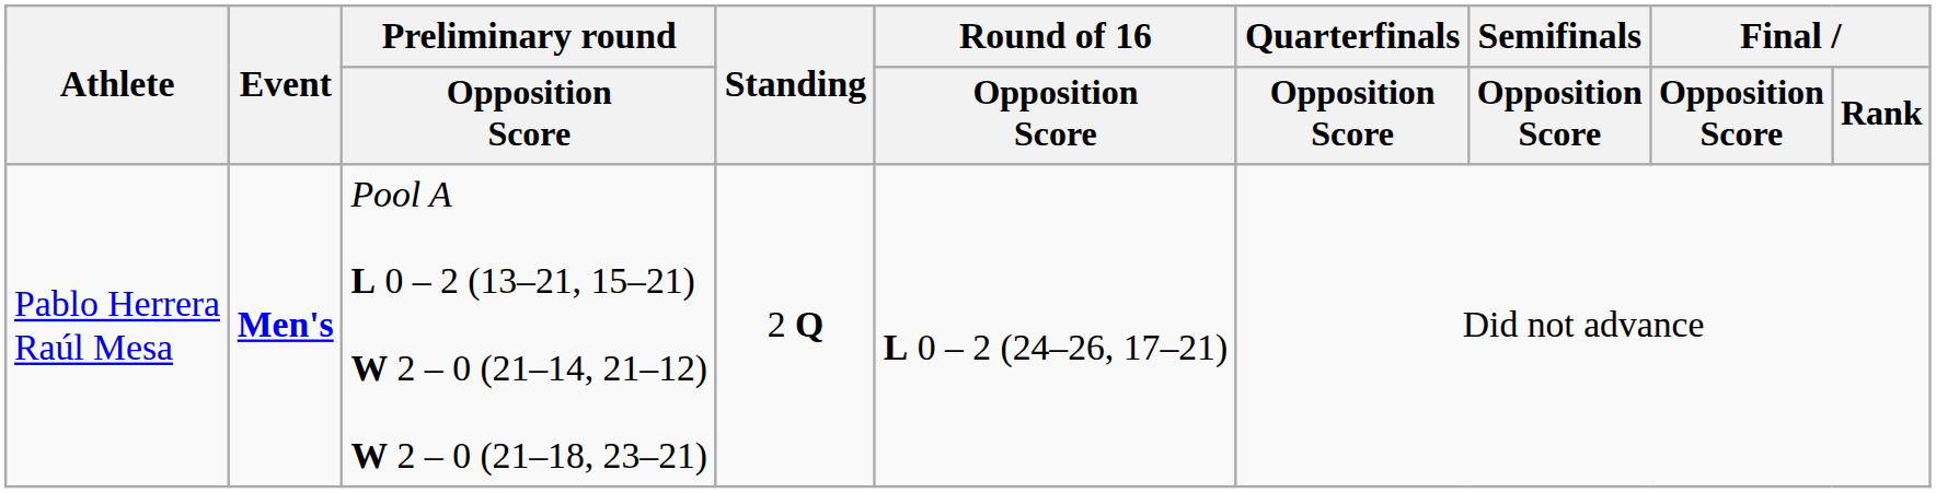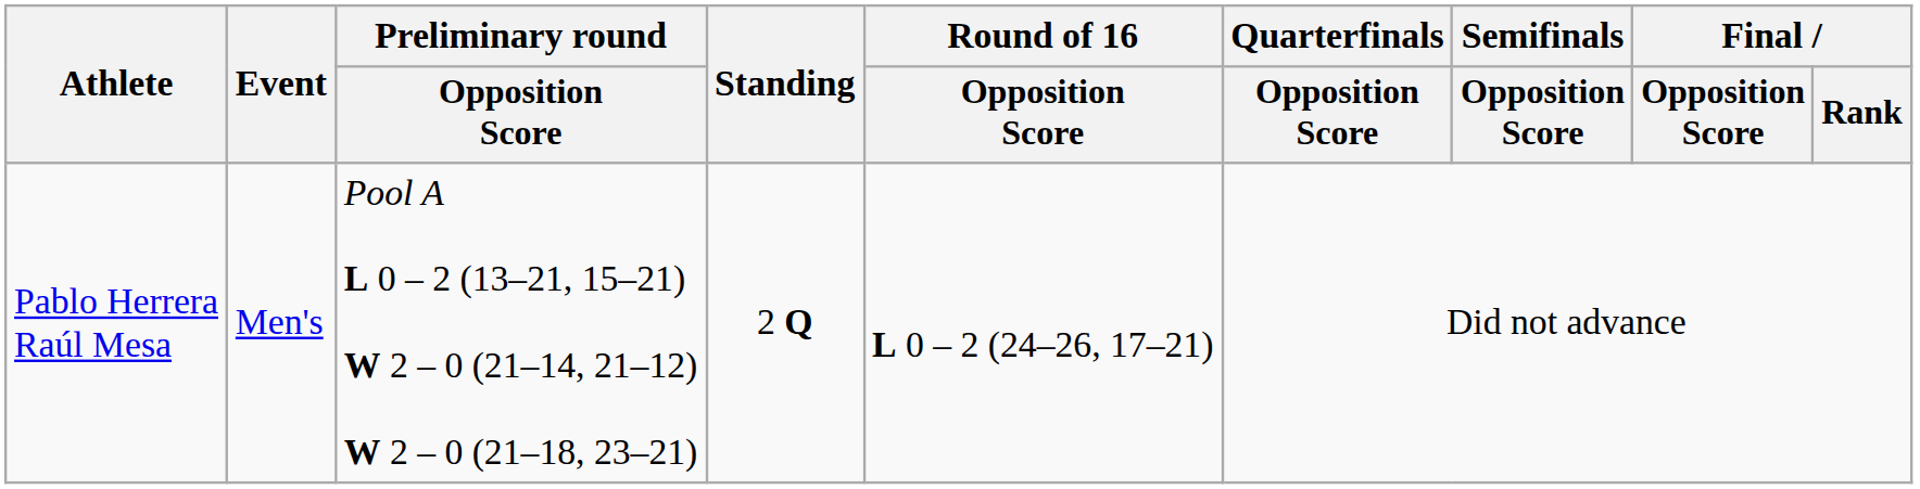 <table class=wikitable style="font-size:90%">
 <tr>
 <th rowspan="2">Athlete</th>
 <th rowspan="2">Event</th>
 <th>Preliminary round</th>
 <th rowspan="2">Standing</th>
 <th>Round of 16</th>
 <th>Quarterfinals</th>
 <th>Semifinals</th>
 <th colspan=2>Final / </th>
 </tr>
 <tr style="font-size:95%">
 <th>Opposition<br>Score</th>
 <th>Opposition<br>Score</th>
 <th>Opposition<br>Score</th>
 <th>Opposition<br>Score</th>
 <th>Opposition<br>Score</th>
 <th>Rank</th>
 </tr>
 <tr align=center>
 <td align=left><a href='#'>Pablo Herrera</a><br><a href='#'>Raúl Mesa</a></td>
-<td align=left><strong><a href='#'>Men's</a></strong></td>
+<td align=left><a href='#'>Men's</a></td>
 <td align=left><em>Pool A</em><br><br><strong>L</strong> 0 – 2 (13–21, 15–21)<br><br><strong>W</strong> 2 – 0 (21–14, 21–12)<br><br><strong>W</strong> 2 – 0 (21–18, 23–21)</td>
 <td>2 <strong>Q</strong></td>
 <td><br><strong>L</strong> 0 – 2 (24–26, 17–21)</td>
 <td colspan=4>Did not advance</td>
 </tr>
 </table>
